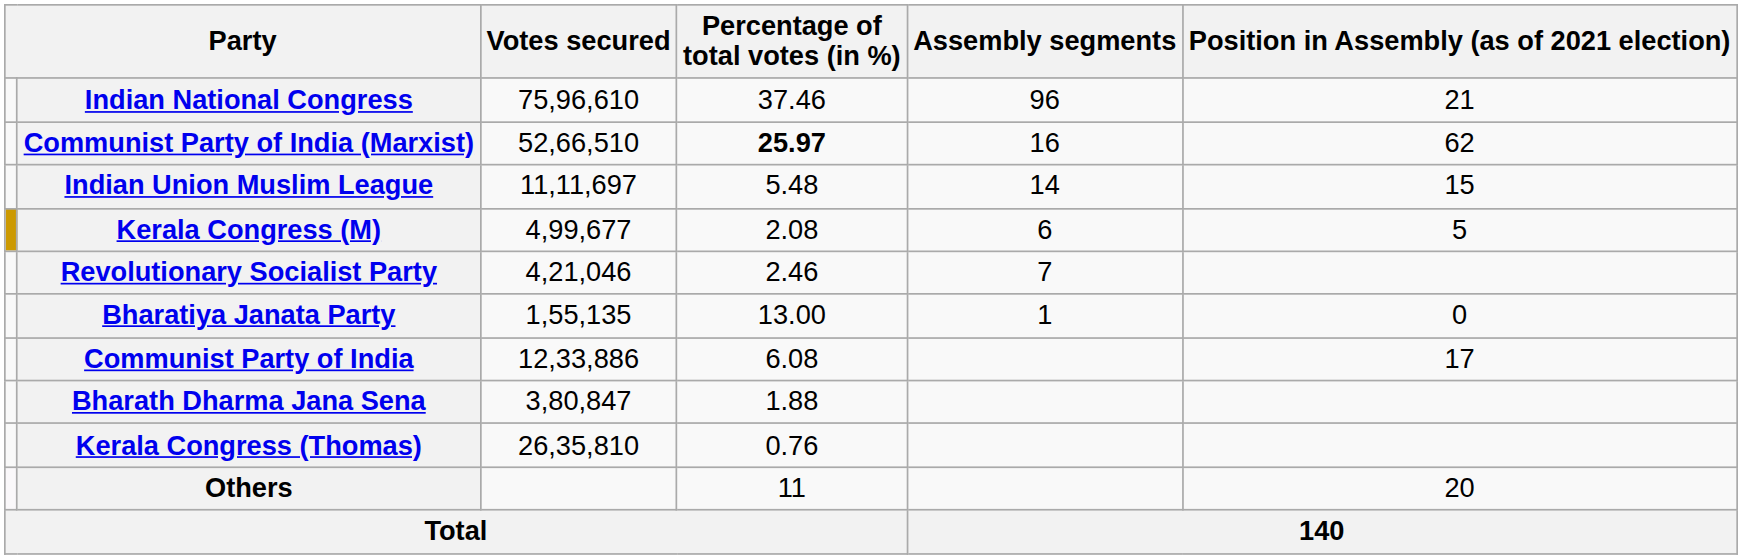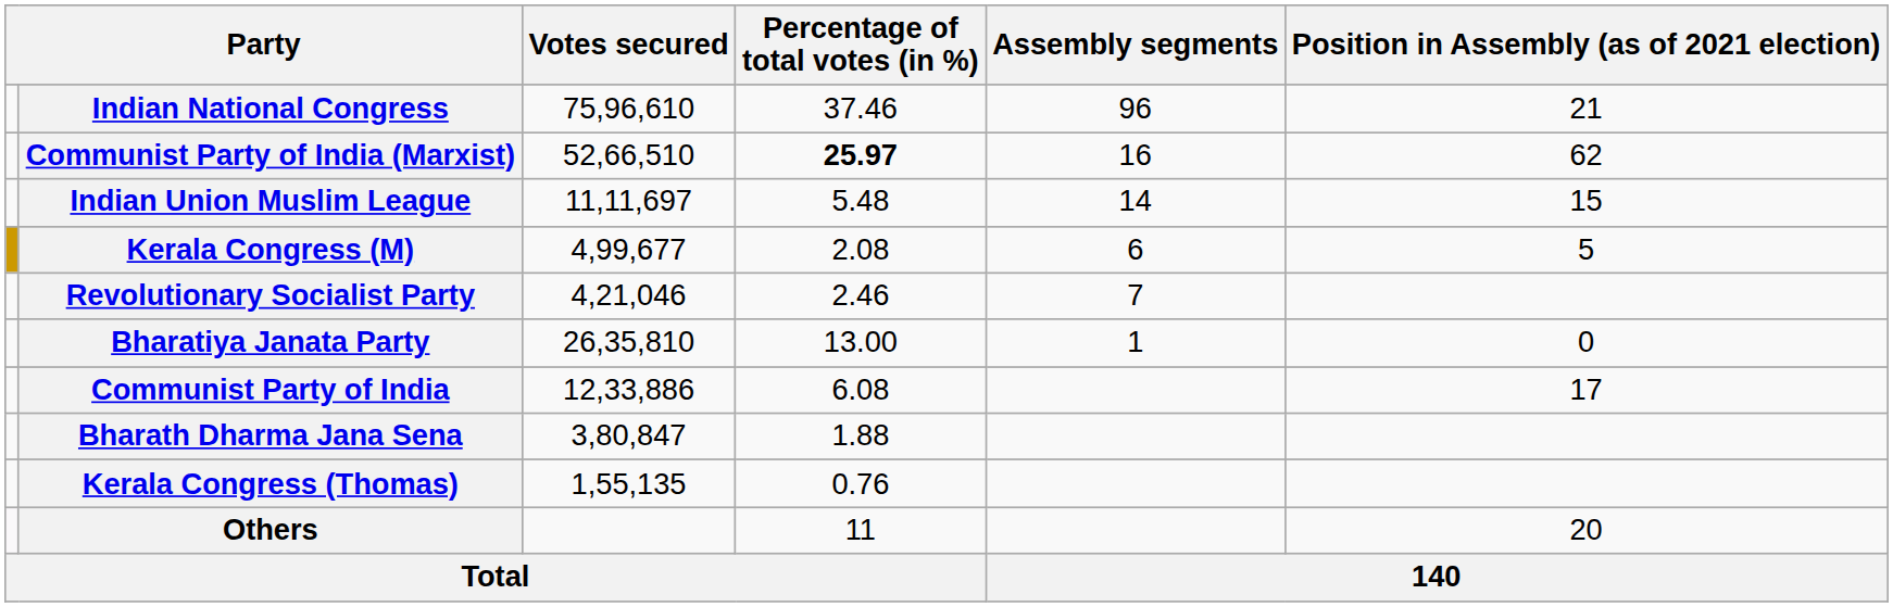 <table class="wikitable sortable" style="text-align:center">
 <tr>
 <th colspan=2>Party</th>
 <th>Votes secured</th>
 <th>Percentage of <br> total votes (in %)</th>
 <th>Assembly segments</th>
 <th>Position in Assembly (as of 2021 election)</th>
 </tr>
 <tr>
 <td></td>
 <th><a href='#'>Indian National Congress</a></th>
 <td>75,96,610</td>
 <td>37.46</td>
 <td>96</td>
 <td>21</td>
 </tr>
 <tr>
 <td></td>
 <th><a href='#'>Communist Party of India (Marxist)</a></th>
 <td>52,66,510</td>
 <td><strong>25.97</strong></td>
 <td>16</td>
 <td>62</td>
 </tr>
 <tr>
 <td></td>
 <th><a href='#'>Indian Union Muslim League</a></th>
 <td>11,11,697</td>
 <td>5.48</td>
 <td>14</td>
 <td>15</td>
 </tr>
 <tr>
 <td bgcolor=#CC9900></td>
 <th><a href='#'>Kerala Congress (M)</a></th>
 <td>4,99,677</td>
 <td>2.08</td>
 <td>6</td>
 <td>5</td>
 </tr>
 <tr>
 <td></td>
 <th><a href='#'>Revolutionary Socialist Party</a></th>
 <td>4,21,046</td>
 <td>2.46</td>
 <td>7</td>
 <td></td>
 </tr>
 <tr>
 <td></td>
 <th><a href='#'>Bharatiya Janata Party</a></th>
-<td>1,55,135</td>
+<td>26,35,810</td>
 <td>13.00</td>
 <td>1</td>
 <td>0</td>
 </tr>
 <tr>
 <td></td>
 <th><a href='#'>Communist Party of India</a></th>
 <td>12,33,886</td>
 <td>6.08</td>
 <td></td>
 <td>17</td>
 </tr>
 <tr>
 <td></td>
 <th><a href='#'>Bharath Dharma Jana Sena</a></th>
 <td>3,80,847</td>
 <td>1.88</td>
 <td></td>
 <td></td>
 </tr>
 <tr>
 <td></td>
 <th><a href='#'>Kerala Congress (Thomas)</a></th>
-<td>26,35,810</td>
+<td>1,55,135</td>
 <td>0.76</td>
 <td></td>
 <td></td>
 </tr>
 <tr>
 <td bgcolor=#FAF8FA></td>
 <th>Others</th>
 <td></td>
 <td>11</td>
 <td></td>
 <td>20</td>
 </tr>
 <tr>
 <th colspan=4>Total</th>
 <th colspan=4>140</th>
 </tr>
 </table>
